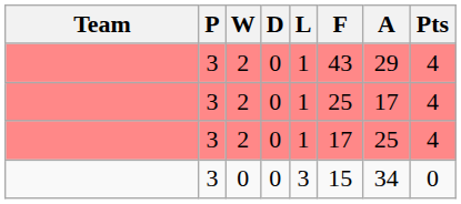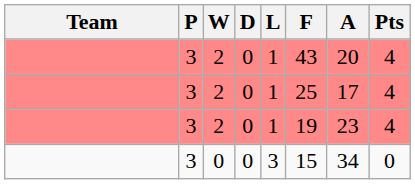 <table class="wikitable" style="text-align:center;">
 <tr>
 <th width="120px">Team</th>
 <th>P</th>
 <th>W</th>
 <th>D</th>
 <th>L</th>
 <th width="23px">F</th>
 <th width="23px">A</th>
 <th width="23px">Pts</th>
 </tr>
 <tr bgcolor="#FF8888">
 <td></td>
 <td>3</td>
 <td>2</td>
 <td>0</td>
 <td>1</td>
 <td>43</td>
-<td>29</td>
+<td>20</td>
 <td>4</td>
 </tr>
 <tr bgcolor="#FF8888">
 <td></td>
 <td>3</td>
 <td>2</td>
 <td>0</td>
 <td>1</td>
 <td>25</td>
 <td>17</td>
 <td>4</td>
 </tr>
 <tr bgcolor="#FF8888">
 <td></td>
 <td>3</td>
 <td>2</td>
 <td>0</td>
 <td>1</td>
-<td>17</td>
-<td>25</td>
+<td>19</td>
+<td>23</td>
 <td>4</td>
 </tr>
 <tr>
 <td></td>
 <td>3</td>
 <td>0</td>
 <td>0</td>
 <td>3</td>
 <td>15</td>
 <td>34</td>
 <td>0</td>
 </tr>
 </table>
